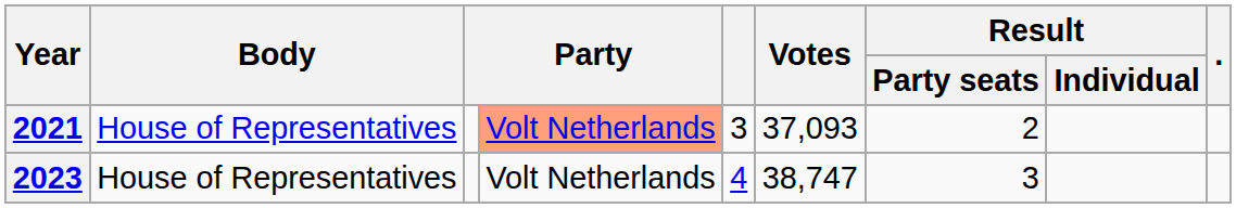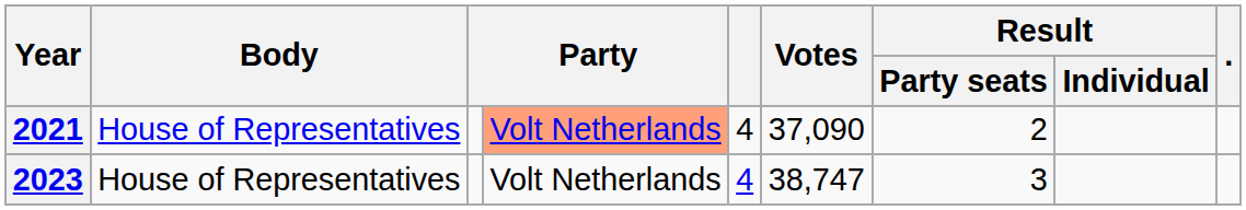 <table class="wikitable plainrowheaders sortable" border=2 cellpadding=4 cellspacing=0 style="border: 1px #aaa solid; font-size: 90%; text-align:center;">
 <tr>
 <th scope="col" rowspan=2>Year</th>
 <th scope="col" rowspan=2>Body</th>
 <th scope="col" colspan=2 rowspan=2>Party</th>
 <th scope="col" rowspan=2></th>
 <th scope="col" rowspan=2>Votes</th>
 <th scope="colgroup" colspan=2>Result</th>
 <th scope="col" rowspan=2 class="unsortable">.</th>
 </tr>
 <tr>
 <th scope="col">Party seats</th>
 <th scope="col">Individual</th>
 </tr>
 <tr>
 <th scope="row"><a href='#'>2021</a></th>
 <td><a href='#'>House of Representatives</a></td>
 <td style="background-color:"></td>
 <td style="background: lightsalmon;"><a href='#'>Volt Netherlands</a></td>
-<td style=text-align:right>3</td>
-<td style=text-align:right>37,093</td>
+<td style=text-align:right>4</td>
+<td style=text-align:right>37,090</td>
 <td style=text-align:right>2</td>
 <td></td>
 <td></td>
 </tr>
 <tr>
 <th scope="row"><a href='#'>2023</a></th>
 <td>House of Representatives</td>
 <td style="background-color:"></td>
 <td>Volt Netherlands</td>
 <td style=text-align:right><a href='#'>4</a></td>
 <td style=text-align:right>38,747</td>
 <td style=text-align:right>3</td>
 <td></td>
 <td></td>
 </tr>
 </table>
